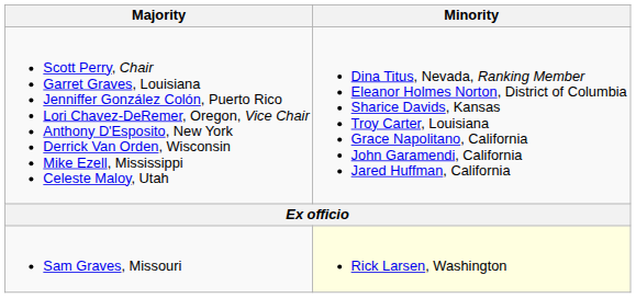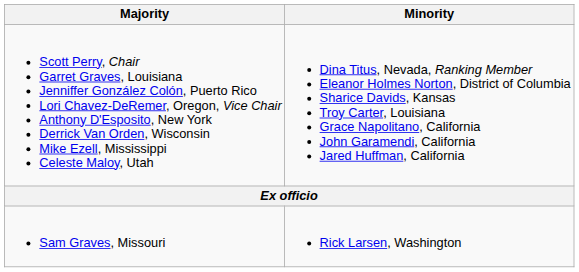 <table class=wikitable>
 <tr>
 <th>Majority</th>
 <th>Minority</th>
 </tr>
 <tr>
 <td><br><ul><li><a href='#'>Scott Perry</a>, <em>Chair</em></li><li><a href='#'>Garret Graves</a>, Louisiana</li><li><a href='#'>Jenniffer González Colón</a>, Puerto Rico</li><li><a href='#'>Lori Chavez-DeRemer</a>, Oregon, <em>Vice Chair</em></li><li><a href='#'>Anthony D'Esposito</a>, New York</li><li><a href='#'>Derrick Van Orden</a>, Wisconsin</li><li><a href='#'>Mike Ezell</a>, Mississippi</li><li><a href='#'>Celeste Maloy</a>, Utah</li></ul></td>
 <td><br><ul><li><a href='#'>Dina Titus</a>, Nevada, <em>Ranking Member</em></li><li><a href='#'>Eleanor Holmes Norton</a>, District of Columbia</li><li><a href='#'>Sharice Davids</a>, Kansas</li><li><a href='#'>Troy Carter</a>, Louisiana</li><li><a href='#'>Grace Napolitano</a>, California</li><li><a href='#'>John Garamendi</a>, California</li><li><a href='#'>Jared Huffman</a>, California</li></ul></td>
 </tr>
 <tr>
 <th colspan=2><em>Ex officio</em></th>
 </tr>
 <tr>
 <td><br><ul><li><a href='#'>Sam Graves</a>, Missouri</li></ul></td>
-<td style="background: lightyellow;"><br><ul><li><a href='#'>Rick Larsen</a>, Washington</li></ul></td>
+<td><br><ul><li><a href='#'>Rick Larsen</a>, Washington</li></ul></td>
 </tr>
 </table>
